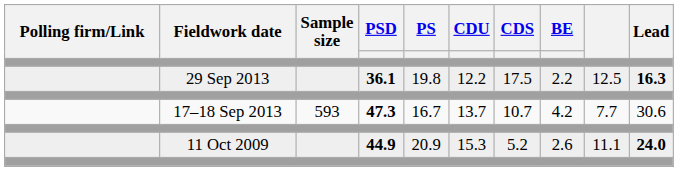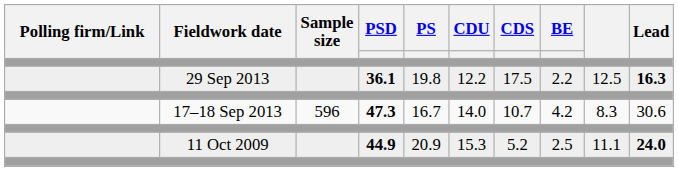 <table class="wikitable collapsible sortable" style="text-align:center; font-size:95%; line-height:16px;">
 <tr style="height:42px;">
 <th style="width:145px;" rowspan="2">Polling firm/Link</th>
 <th style="width:125px;" rowspan="2">Fieldwork date</th>
 <th class="unsortable" style="width:50px;" rowspan="2">Sample size</th>
 <th class="unsortable" style="width:35px;"><a href='#'>PSD</a></th>
 <th class="unsortable" style="width:35px;"><a href='#'>PS</a></th>
 <th class="unsortable" style="width:35px;"><a href='#'>CDU</a></th>
 <th class="unsortable" style="width:35px;"><a href='#'>CDS</a></th>
 <th class="unsortable" style="width:35px;"><a href='#'>BE</a></th>
 <th class="unsortable" style="width:35px;" rowspan="2"></th>
 <th class="unsortable" style="width:30px;" rowspan="2">Lead</th>
 </tr>
 <tr>
 <th class="unsortable" style="color:inherit;background:"></th>
 <th class="unsortable" style="color:inherit;background:"></th>
 <th class="unsortable" style="color:inherit;background:"></th>
 <th class="unsortable" style="color:inherit;background:"></th>
 <th class="unsortable" style="color:inherit;background:"></th>
 </tr>
 <tr>
 <td colspan="13" style="background:#A0A0A0"></td>
 </tr>
 <tr style="background:#EFEFEF;">
 <td><strong></strong></td>
 <td data-sort-value="2019-10-06">29 Sep 2013</td>
 <td></td>
 <td><strong>36.1</strong><br></td>
 <td>19.8<br></td>
 <td>12.2<br></td>
 <td>17.5<br></td>
 <td>2.2<br></td>
 <td>12.5<br></td>
 <td style="background:"><strong>16.3</strong></td>
 </tr>
 <tr>
 <td colspan="13" style="background:#A0A0A0"></td>
 </tr>
 <tr>
 <td align="center"></td>
 <td align="center">17–18 Sep 2013</td>
-<td>593</td>
+<td>596</td>
 <td align="center" ><strong>47.3</strong></td>
 <td align="center">16.7</td>
-<td align="center">13.7</td>
+<td align="center">14.0</td>
 <td align="center">10.7</td>
 <td align="center">4.2</td>
-<td align="center">7.7</td>
+<td align="center">8.3</td>
 <td style="background:">30.6</td>
 </tr>
 <tr>
 <td colspan="13" style="background:#A0A0A0"></td>
 </tr>
 <tr style="background:#EFEFEF;">
 <td><strong></strong></td>
 <td data-sort-value="2019-10-06">11 Oct 2009</td>
 <td></td>
 <td><strong>44.9</strong><br></td>
 <td>20.9<br></td>
 <td>15.3<br></td>
 <td>5.2<br></td>
-<td>2.6<br></td>
+<td>2.5<br></td>
 <td>11.1<br></td>
 <td style="background:"><strong>24.0</strong></td>
 </tr>
 <tr>
 <td colspan="13" style="background:#A0A0A0"></td>
 </tr>
 <tr>
 </tr>
 </table>
